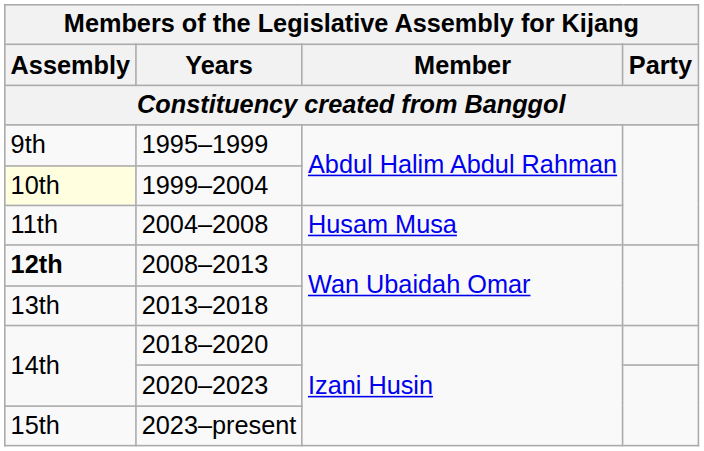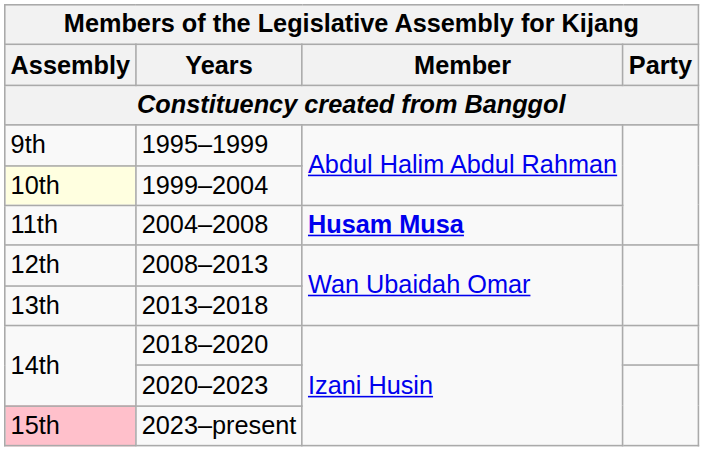 <table class="wikitable">
 <tr>
 <th colspan="4">Members of the Legislative Assembly for Kijang</th>
 </tr>
 <tr>
 <th>Assembly</th>
 <th>Years</th>
 <th>Member</th>
 <th>Party</th>
 </tr>
 <tr>
 <th colspan="4" align="center"><em>Constituency created from Banggol</em></th>
 </tr>
 <tr>
 <td>9th</td>
 <td>1995–1999</td>
 <td rowspan="2"><a href='#'>Abdul Halim Abdul Rahman</a></td>
 <td rowspan="3"></td>
 </tr>
 <tr>
 <td style="background: lightyellow;">10th</td>
 <td>1999–2004</td>
 </tr>
 <tr>
 <td>11th</td>
 <td>2004–2008</td>
-<td><a href='#'>Husam Musa</a></td>
+<td><strong><a href='#'>Husam Musa</a></strong></td>
 </tr>
 <tr>
-<td><strong>12th</strong></td>
+<td>12th</td>
 <td>2008–2013</td>
 <td rowspan="2"><a href='#'>Wan Ubaidah Omar</a></td>
 <td rowspan="2"></td>
 </tr>
 <tr>
 <td>13th</td>
 <td>2013–2018</td>
 </tr>
 <tr>
 <td rowspan="2">14th</td>
 <td>2018–2020</td>
 <td rowspan="3"><a href='#'>Izani Husin</a></td>
 <td></td>
 </tr>
 <tr>
 <td>2020–2023</td>
 <td rowspan="2"></td>
 </tr>
 <tr>
-<td>15th</td>
+<td style="background: pink;">15th</td>
 <td>2023–present</td>
 </tr>
 </table>
